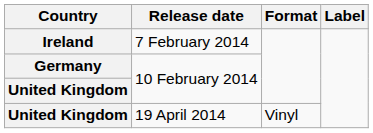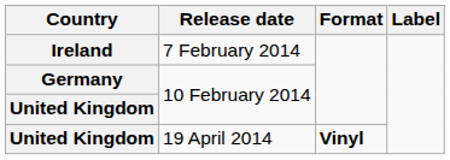 <table class="wikitable plainrowheaders">
 <tr>
 <th>Country</th>
 <th>Release date</th>
 <th>Format</th>
 <th>Label</th>
 </tr>
 <tr>
 <th scope="row">Ireland</th>
 <td>7 February 2014</td>
 <td rowspan="3"></td>
 <td rowspan="4"></td>
 </tr>
 <tr>
 <th scope="row">Germany</th>
 <td rowspan="2">10 February 2014</td>
 </tr>
 <tr>
 <th scope="row">United Kingdom</th>
 </tr>
 <tr>
 <th scope="row">United Kingdom</th>
 <td>19 April 2014</td>
-<td>Vinyl</td>
+<td><strong>Vinyl</strong></td>
 </tr>
 </table>
